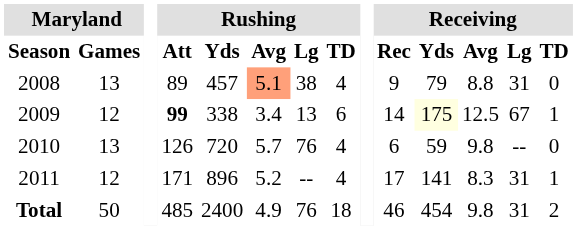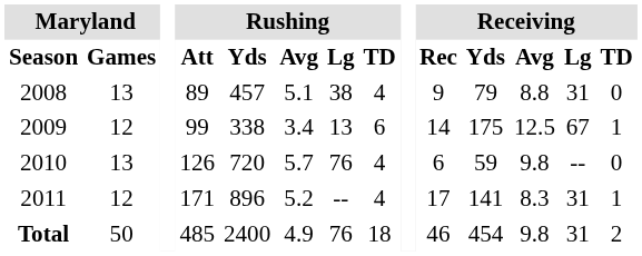 <table BORDER="0" CELLPADDING="3" CELLSPACING="0" ID="Table3" border="2">
 <tr ALIGN="center" bgcolor="#e0e0e0">
 <th ALIGN="center" colspan="2"> Maryland</th>
 <th ALIGN="center" rowspan="99" bgcolor="#ffffff"> </th>
 <th ALIGN="center" colspan="5">Rushing</th>
 <th ALIGN="center" rowspan="99" bgcolor="#ffffff"> </th>
 <th ALIGN="center" colspan="5">Receiving</th>
 </tr>
 <tr ALIGN="center">
 <th ALIGN="center">Season</th>
 <th ALIGN="center">Games</th>
 <th ALIGN="center">Att</th>
 <th ALIGN="center">Yds</th>
 <th ALIGN="center">Avg</th>
 <th ALIGN="center">Lg</th>
 <th ALIGN="center">TD</th>
 <th ALIGN="center">Rec</th>
 <th ALIGN="center">Yds</th>
 <th ALIGN="center">Avg</th>
 <th ALIGN="center">Lg</th>
 <th ALIGN="center">TD</th>
 </tr>
 <tr ALIGN="center">
 <td ALIGN="center">2008</td>
 <td ALIGN="center">13</td>
 <td ALIGN="center">89</td>
 <td ALIGN="center">457</td>
-<td ALIGN="center" style="background: lightsalmon;">5.1</td>
+<td ALIGN="center">5.1</td>
 <td ALIGN="center">38</td>
 <td ALIGN="center">4</td>
 <td ALIGN="center">9</td>
 <td ALIGN="center">79</td>
 <td ALIGN="center">8.8</td>
 <td ALIGN="center">31</td>
 <td ALIGN="center">0</td>
 </tr>
 <tr ALIGN="center">
 <td ALIGN="center">2009</td>
 <td ALIGN="center">12</td>
-<td ALIGN="center"><strong>99</strong></td>
+<td ALIGN="center">99</td>
 <td ALIGN="center">338</td>
 <td ALIGN="center">3.4</td>
 <td ALIGN="center">13</td>
 <td ALIGN="center">6</td>
 <td ALIGN="center">14</td>
-<td ALIGN="center" style="background: lightyellow;">175</td>
+<td ALIGN="center">175</td>
 <td ALIGN="center">12.5</td>
 <td ALIGN="center">67</td>
 <td ALIGN="center">1</td>
 </tr>
 <tr ALIGN="center">
 <td ALIGN="center">2010</td>
 <td ALIGN="center">13</td>
 <td ALIGN="center">126</td>
 <td ALIGN="center">720</td>
 <td ALIGN="center">5.7</td>
 <td ALIGN="center">76</td>
 <td ALIGN="center">4</td>
 <td ALIGN="center">6</td>
 <td ALIGN="center">59</td>
 <td ALIGN="center">9.8</td>
 <td ALIGN="center">--</td>
 <td ALIGN="center">0</td>
 </tr>
 <tr ALIGN="center">
 <td ALIGN="center">2011</td>
 <td ALIGN="center">12</td>
 <td ALIGN="center">171</td>
 <td ALIGN="center">896</td>
 <td ALIGN="center">5.2</td>
 <td ALIGN="center">--</td>
 <td ALIGN="center">4</td>
 <td ALIGN="center">17</td>
 <td ALIGN="center">141</td>
 <td ALIGN="center">8.3</td>
 <td ALIGN="center">31</td>
 <td ALIGN="center">1</td>
 </tr>
 <tr ALIGN="center" bgcolor="#f0f0f0">
 </tr>
 <tr ALIGN="center">
 <th ALIGN="center">Total</th>
 <td ALIGN="center">50</td>
 <td ALIGN="center">485</td>
 <td ALIGN="center">2400</td>
 <td ALIGN="center">4.9</td>
 <td ALIGN="center">76</td>
 <td ALIGN="center">18</td>
 <td ALIGN="center">46</td>
 <td ALIGN="center">454</td>
 <td ALIGN="center">9.8</td>
 <td ALIGN="center">31</td>
 <td ALIGN="center">2</td>
 </tr>
 </table>
